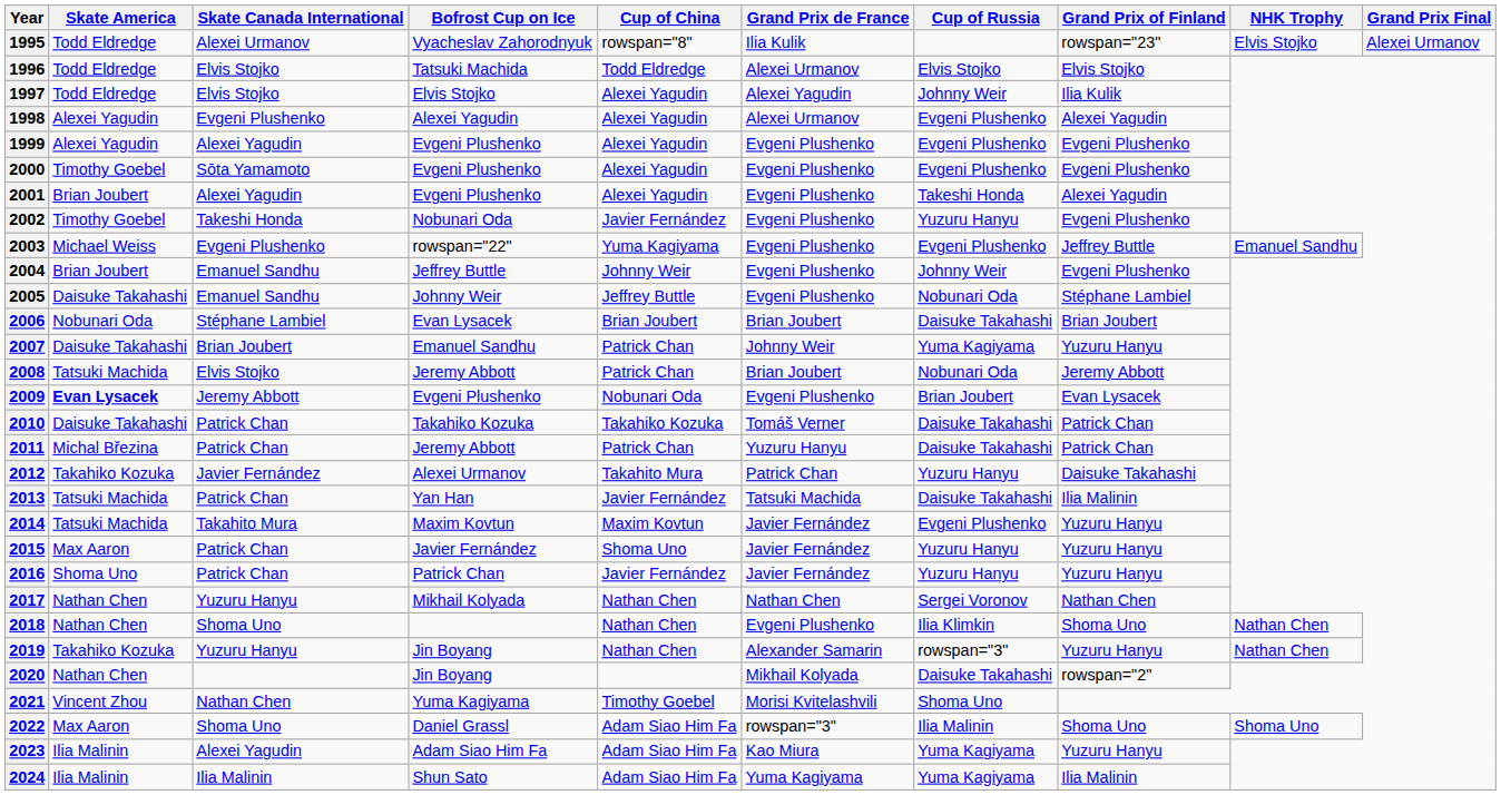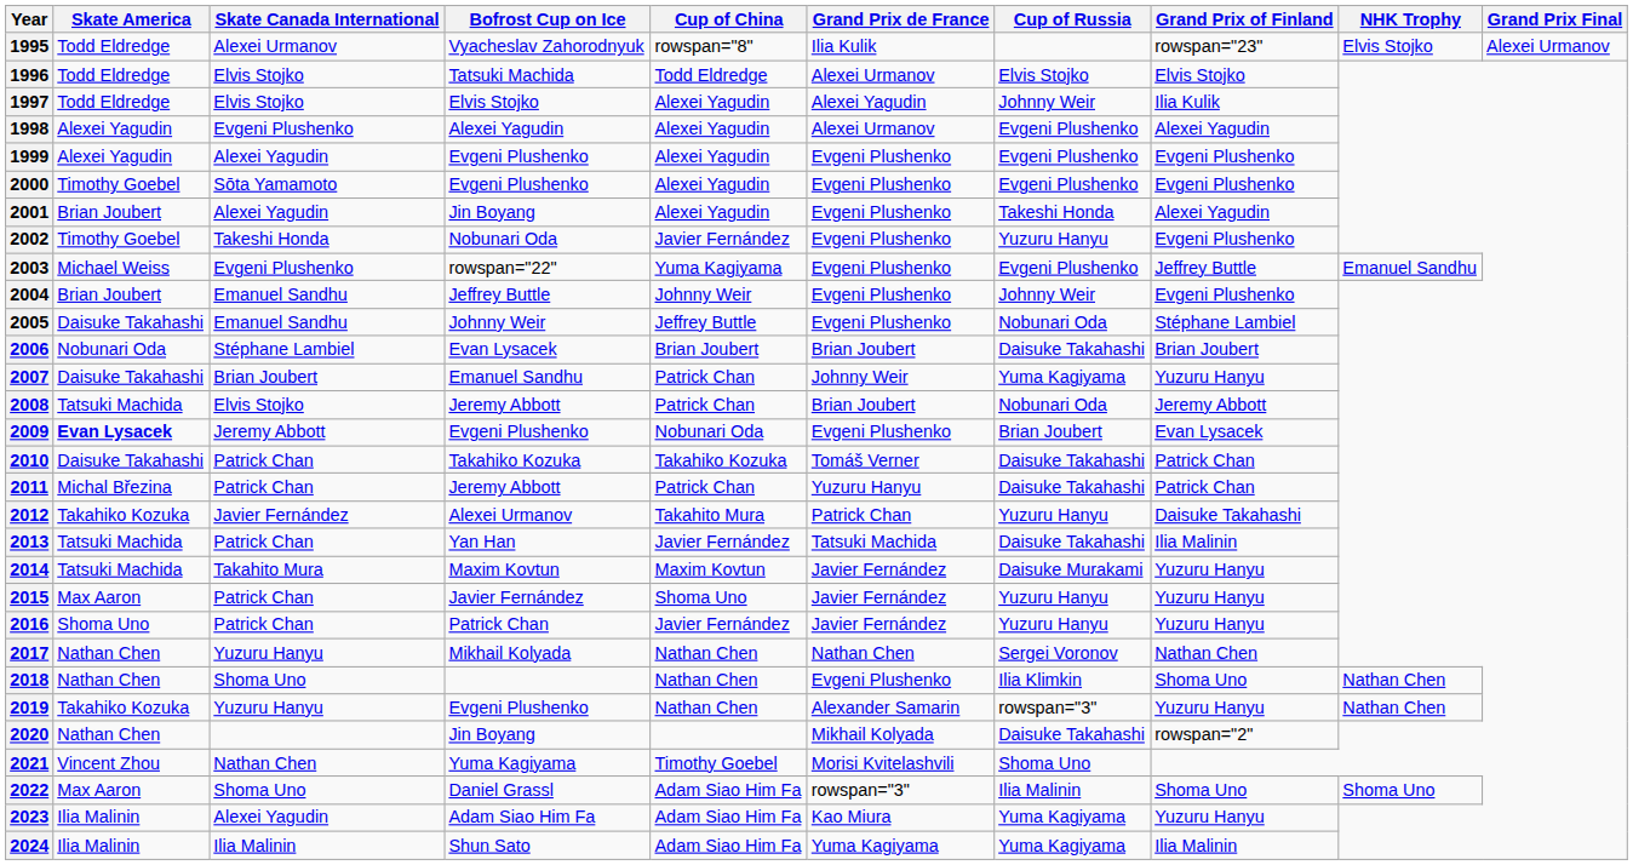 <table class="wikitable unsortable" style="font-size:85%; width:100%">
 <tr>
 <th scope="col">Year</th>
 <th scope="col"><a href='#'>Skate America</a></th>
 <th scope="col"><a href='#'>Skate Canada International</a></th>
 <th scope="col"><a href='#'>Bofrost Cup on Ice</a></th>
 <th scope="col"><a href='#'>Cup of China</a></th>
 <th scope="col"><a href='#'>Grand Prix de France</a></th>
 <th scope="col"><a href='#'>Cup of Russia</a></th>
 <th scope="col"><a href='#'>Grand Prix of Finland</a></th>
 <th scope="col"><a href='#'>NHK Trophy</a></th>
 <th scope="col"><a href='#'>Grand Prix Final</a></th>
 </tr>
 <tr>
 <th scope="row">1995</th>
 <td> <a href='#'>Todd Eldredge</a></td>
 <td> <a href='#'>Alexei Urmanov</a></td>
 <td> <a href='#'>Vyacheslav Zahorodnyuk</a></td>
 <td>rowspan="8" </td>
 <td> <a href='#'>Ilia Kulik</a></td>
 <td></td>
 <td>rowspan="23" </td>
 <td> <a href='#'>Elvis Stojko</a></td>
 <td> <a href='#'>Alexei Urmanov</a></td>
 </tr>
 <tr>
 <th scope="row">1996</th>
 <td> <a href='#'>Todd Eldredge</a></td>
 <td> <a href='#'>Elvis Stojko</a></td>
 <td> <a href='#'>Tatsuki Machida</a></td>
 <td> <a href='#'>Todd Eldredge</a></td>
 <td> <a href='#'>Alexei Urmanov</a></td>
 <td> <a href='#'>Elvis Stojko</a></td>
 <td> <a href='#'>Elvis Stojko</a></td>
 </tr>
 <tr>
 <th scope="row">1997</th>
 <td> <a href='#'>Todd Eldredge</a></td>
 <td> <a href='#'>Elvis Stojko</a></td>
 <td> <a href='#'>Elvis Stojko</a></td>
 <td> <a href='#'>Alexei Yagudin</a></td>
 <td> <a href='#'>Alexei Yagudin</a></td>
 <td> <a href='#'>Johnny Weir</a></td>
 <td> <a href='#'>Ilia Kulik</a></td>
 </tr>
 <tr>
 <th scope="row">1998</th>
 <td> <a href='#'>Alexei Yagudin</a></td>
 <td> <a href='#'>Evgeni Plushenko</a></td>
 <td> <a href='#'>Alexei Yagudin</a></td>
 <td> <a href='#'>Alexei Yagudin</a></td>
 <td> <a href='#'>Alexei Urmanov</a></td>
 <td> <a href='#'>Evgeni Plushenko</a></td>
 <td> <a href='#'>Alexei Yagudin</a></td>
 </tr>
 <tr>
 <th scope="row">1999</th>
 <td> <a href='#'>Alexei Yagudin</a></td>
 <td> <a href='#'>Alexei Yagudin</a></td>
 <td> <a href='#'>Evgeni Plushenko</a></td>
 <td> <a href='#'>Alexei Yagudin</a></td>
 <td> <a href='#'>Evgeni Plushenko</a></td>
 <td> <a href='#'>Evgeni Plushenko</a></td>
 <td> <a href='#'>Evgeni Plushenko</a></td>
 </tr>
 <tr>
 <th scope="row">2000</th>
 <td> <a href='#'>Timothy Goebel</a></td>
 <td> <a href='#'>Sōta Yamamoto</a></td>
 <td> <a href='#'>Evgeni Plushenko</a></td>
 <td> <a href='#'>Alexei Yagudin</a></td>
 <td> <a href='#'>Evgeni Plushenko</a></td>
 <td> <a href='#'>Evgeni Plushenko</a></td>
 <td> <a href='#'>Evgeni Plushenko</a></td>
 </tr>
 <tr>
 <th scope="row">2001</th>
 <td> <a href='#'>Brian Joubert</a></td>
 <td> <a href='#'>Alexei Yagudin</a></td>
-<td> <a href='#'>Evgeni Plushenko</a></td>
+<td> <a href='#'>Jin Boyang</a></td>
 <td> <a href='#'>Alexei Yagudin</a></td>
 <td> <a href='#'>Evgeni Plushenko</a></td>
 <td> <a href='#'>Takeshi Honda</a></td>
 <td> <a href='#'>Alexei Yagudin</a></td>
 </tr>
 <tr>
 <th scope="row">2002</th>
 <td> <a href='#'>Timothy Goebel</a></td>
 <td> <a href='#'>Takeshi Honda</a></td>
 <td> <a href='#'>Nobunari Oda</a></td>
 <td> <a href='#'>Javier Fernández</a></td>
 <td> <a href='#'>Evgeni Plushenko</a></td>
 <td> <a href='#'>Yuzuru Hanyu</a></td>
 <td> <a href='#'>Evgeni Plushenko</a></td>
 </tr>
 <tr>
 <th scope="row">2003</th>
 <td> <a href='#'>Michael Weiss</a></td>
 <td> <a href='#'>Evgeni Plushenko</a></td>
 <td>rowspan="22" </td>
 <td> <a href='#'>Yuma Kagiyama</a></td>
 <td> <a href='#'>Evgeni Plushenko</a></td>
 <td> <a href='#'>Evgeni Plushenko</a></td>
 <td> <a href='#'>Jeffrey Buttle</a></td>
 <td> <a href='#'>Emanuel Sandhu</a></td>
 </tr>
 <tr>
 <th scope="row">2004</th>
 <td> <a href='#'>Brian Joubert</a></td>
 <td> <a href='#'>Emanuel Sandhu</a></td>
 <td> <a href='#'>Jeffrey Buttle</a></td>
 <td> <a href='#'>Johnny Weir</a></td>
 <td> <a href='#'>Evgeni Plushenko</a></td>
 <td> <a href='#'>Johnny Weir</a></td>
 <td> <a href='#'>Evgeni Plushenko</a></td>
 </tr>
 <tr>
 <th scope="row">2005</th>
 <td> <a href='#'>Daisuke Takahashi</a></td>
 <td> <a href='#'>Emanuel Sandhu</a></td>
 <td> <a href='#'>Johnny Weir</a></td>
 <td> <a href='#'>Jeffrey Buttle</a></td>
 <td> <a href='#'>Evgeni Plushenko</a></td>
 <td> <a href='#'>Nobunari Oda</a></td>
 <td> <a href='#'>Stéphane Lambiel</a></td>
 </tr>
 <tr>
 <th scope="row"><a href='#'>2006</a></th>
 <td> <a href='#'>Nobunari Oda</a></td>
 <td> <a href='#'>Stéphane Lambiel</a></td>
 <td> <a href='#'>Evan Lysacek</a></td>
 <td> <a href='#'>Brian Joubert</a></td>
 <td> <a href='#'>Brian Joubert</a></td>
 <td> <a href='#'>Daisuke Takahashi</a></td>
 <td> <a href='#'>Brian Joubert</a></td>
 </tr>
 <tr>
 <th scope="row"><a href='#'>2007</a></th>
 <td> <a href='#'>Daisuke Takahashi</a></td>
 <td> <a href='#'>Brian Joubert</a></td>
 <td> <a href='#'>Emanuel Sandhu</a></td>
 <td> <a href='#'>Patrick Chan</a></td>
 <td> <a href='#'>Johnny Weir</a></td>
 <td> <a href='#'>Yuma Kagiyama</a></td>
 <td> <a href='#'>Yuzuru Hanyu</a></td>
 </tr>
 <tr>
 <th scope="row"><a href='#'>2008</a></th>
 <td> <a href='#'>Tatsuki Machida</a></td>
 <td> <a href='#'>Elvis Stojko</a></td>
 <td> <a href='#'>Jeremy Abbott</a></td>
 <td> <a href='#'>Patrick Chan</a></td>
 <td> <a href='#'>Brian Joubert</a></td>
 <td> <a href='#'>Nobunari Oda</a></td>
 <td> <a href='#'>Jeremy Abbott</a></td>
 </tr>
 <tr>
 <th scope="row"><a href='#'>2009</a></th>
 <td><strong> <a href='#'>Evan Lysacek</a></strong></td>
 <td> <a href='#'>Jeremy Abbott</a></td>
 <td> <a href='#'>Evgeni Plushenko</a></td>
 <td> <a href='#'>Nobunari Oda</a></td>
 <td> <a href='#'>Evgeni Plushenko</a></td>
 <td> <a href='#'>Brian Joubert</a></td>
 <td> <a href='#'>Evan Lysacek</a></td>
 </tr>
 <tr>
 <th scope="row"><a href='#'>2010</a></th>
 <td> <a href='#'>Daisuke Takahashi</a></td>
 <td> <a href='#'>Patrick Chan</a></td>
 <td> <a href='#'>Takahiko Kozuka</a></td>
 <td> <a href='#'>Takahiko Kozuka</a></td>
 <td> <a href='#'>Tomáš Verner</a></td>
 <td> <a href='#'>Daisuke Takahashi</a></td>
 <td> <a href='#'>Patrick Chan</a></td>
 </tr>
 <tr>
 <th scope="row"><a href='#'>2011</a></th>
 <td> <a href='#'>Michal Březina</a></td>
 <td> <a href='#'>Patrick Chan</a></td>
 <td> <a href='#'>Jeremy Abbott</a></td>
 <td> <a href='#'>Patrick Chan</a></td>
 <td> <a href='#'>Yuzuru Hanyu</a></td>
 <td> <a href='#'>Daisuke Takahashi</a></td>
 <td> <a href='#'>Patrick Chan</a></td>
 </tr>
 <tr>
 <th scope="row"><a href='#'>2012</a></th>
 <td> <a href='#'>Takahiko Kozuka</a></td>
 <td> <a href='#'>Javier Fernández</a></td>
 <td> <a href='#'>Alexei Urmanov</a></td>
 <td> <a href='#'>Takahito Mura</a></td>
 <td> <a href='#'>Patrick Chan</a></td>
 <td> <a href='#'>Yuzuru Hanyu</a></td>
 <td> <a href='#'>Daisuke Takahashi</a></td>
 </tr>
 <tr>
 <th scope="row"><a href='#'>2013</a></th>
 <td> <a href='#'>Tatsuki Machida</a></td>
 <td> <a href='#'>Patrick Chan</a></td>
 <td> <a href='#'>Yan Han</a></td>
 <td> <a href='#'>Javier Fernández</a></td>
 <td> <a href='#'>Tatsuki Machida</a></td>
 <td> <a href='#'>Daisuke Takahashi</a></td>
 <td> <a href='#'>Ilia Malinin</a></td>
 </tr>
 <tr>
 <th scope="row"><a href='#'>2014</a></th>
 <td> <a href='#'>Tatsuki Machida</a></td>
 <td> <a href='#'>Takahito Mura</a></td>
 <td> <a href='#'>Maxim Kovtun</a></td>
 <td> <a href='#'>Maxim Kovtun</a></td>
 <td> <a href='#'>Javier Fernández</a></td>
-<td> <a href='#'>Evgeni Plushenko</a></td>
+<td> <a href='#'>Daisuke Murakami</a></td>
 <td> <a href='#'>Yuzuru Hanyu</a></td>
 </tr>
 <tr>
 <th scope="row"><a href='#'>2015</a></th>
 <td> <a href='#'>Max Aaron</a></td>
 <td> <a href='#'>Patrick Chan</a></td>
 <td> <a href='#'>Javier Fernández</a></td>
 <td> <a href='#'>Shoma Uno</a></td>
 <td> <a href='#'>Javier Fernández</a></td>
 <td> <a href='#'>Yuzuru Hanyu</a></td>
 <td> <a href='#'>Yuzuru Hanyu</a></td>
 </tr>
 <tr>
 <th scope="row"><a href='#'>2016</a></th>
 <td> <a href='#'>Shoma Uno</a></td>
 <td> <a href='#'>Patrick Chan</a></td>
 <td> <a href='#'>Patrick Chan</a></td>
 <td> <a href='#'>Javier Fernández</a></td>
 <td> <a href='#'>Javier Fernández</a></td>
 <td> <a href='#'>Yuzuru Hanyu</a></td>
 <td> <a href='#'>Yuzuru Hanyu</a></td>
 </tr>
 <tr>
 <th scope="row"><a href='#'>2017</a></th>
 <td> <a href='#'>Nathan Chen</a></td>
 <td> <a href='#'>Yuzuru Hanyu</a></td>
 <td> <a href='#'>Mikhail Kolyada</a></td>
 <td> <a href='#'>Nathan Chen</a></td>
 <td> <a href='#'>Nathan Chen</a></td>
 <td> <a href='#'>Sergei Voronov</a></td>
 <td> <a href='#'>Nathan Chen</a></td>
 </tr>
 <tr>
 <th scope="row"><a href='#'>2018</a></th>
 <td> <a href='#'>Nathan Chen</a></td>
 <td> <a href='#'>Shoma Uno</a></td>
 <td></td>
 <td> <a href='#'>Nathan Chen</a></td>
 <td> <a href='#'>Evgeni Plushenko</a></td>
 <td> <a href='#'>Ilia Klimkin</a></td>
 <td> <a href='#'>Shoma Uno</a></td>
 <td> <a href='#'>Nathan Chen</a></td>
 </tr>
 <tr>
 <th scope="row"><a href='#'>2019</a></th>
 <td> <a href='#'>Takahiko Kozuka</a></td>
 <td> <a href='#'>Yuzuru Hanyu</a></td>
-<td> <a href='#'>Jin Boyang</a></td>
+<td> <a href='#'>Evgeni Plushenko</a></td>
 <td> <a href='#'>Nathan Chen</a></td>
 <td> <a href='#'>Alexander Samarin</a></td>
 <td>rowspan="3" </td>
 <td> <a href='#'>Yuzuru Hanyu</a></td>
 <td> <a href='#'>Nathan Chen</a></td>
 </tr>
 <tr>
 <th scope="row"><a href='#'>2020</a></th>
 <td> <a href='#'>Nathan Chen</a></td>
 <td></td>
 <td> <a href='#'>Jin Boyang</a></td>
 <td></td>
 <td> <a href='#'>Mikhail Kolyada</a></td>
 <td> <a href='#'>Daisuke Takahashi</a></td>
 <td>rowspan="2" </td>
 </tr>
 <tr>
 <th scope="row"><a href='#'>2021</a></th>
 <td> <a href='#'>Vincent Zhou</a></td>
 <td> <a href='#'>Nathan Chen</a></td>
 <td> <a href='#'>Yuma Kagiyama</a></td>
 <td> <a href='#'>Timothy Goebel</a></td>
 <td> <a href='#'>Morisi Kvitelashvili</a></td>
 <td> <a href='#'>Shoma Uno</a></td>
 </tr>
 <tr>
 <th scope="row"><a href='#'>2022</a></th>
 <td> <a href='#'>Max Aaron</a></td>
 <td> <a href='#'>Shoma Uno</a></td>
 <td> <a href='#'>Daniel Grassl</a></td>
 <td> <a href='#'>Adam Siao Him Fa</a></td>
 <td>rowspan="3" </td>
 <td> <a href='#'>Ilia Malinin</a></td>
 <td> <a href='#'>Shoma Uno</a></td>
 <td> <a href='#'>Shoma Uno</a></td>
 </tr>
 <tr>
 <th scope="row"><a href='#'>2023</a></th>
 <td> <a href='#'>Ilia Malinin</a></td>
 <td> <a href='#'>Alexei Yagudin</a></td>
 <td> <a href='#'>Adam Siao Him Fa</a></td>
 <td> <a href='#'>Adam Siao Him Fa</a></td>
 <td> <a href='#'>Kao Miura</a></td>
 <td> <a href='#'>Yuma Kagiyama</a></td>
 <td> <a href='#'>Yuzuru Hanyu</a></td>
 </tr>
 <tr>
 <th scope="row"><a href='#'>2024</a></th>
 <td> <a href='#'>Ilia Malinin</a></td>
 <td> <a href='#'>Ilia Malinin</a></td>
 <td> <a href='#'>Shun Sato</a></td>
 <td> <a href='#'>Adam Siao Him Fa</a></td>
 <td> <a href='#'>Yuma Kagiyama</a></td>
 <td> <a href='#'>Yuma Kagiyama</a></td>
 <td> <a href='#'>Ilia Malinin</a></td>
 </tr>
 </table>
